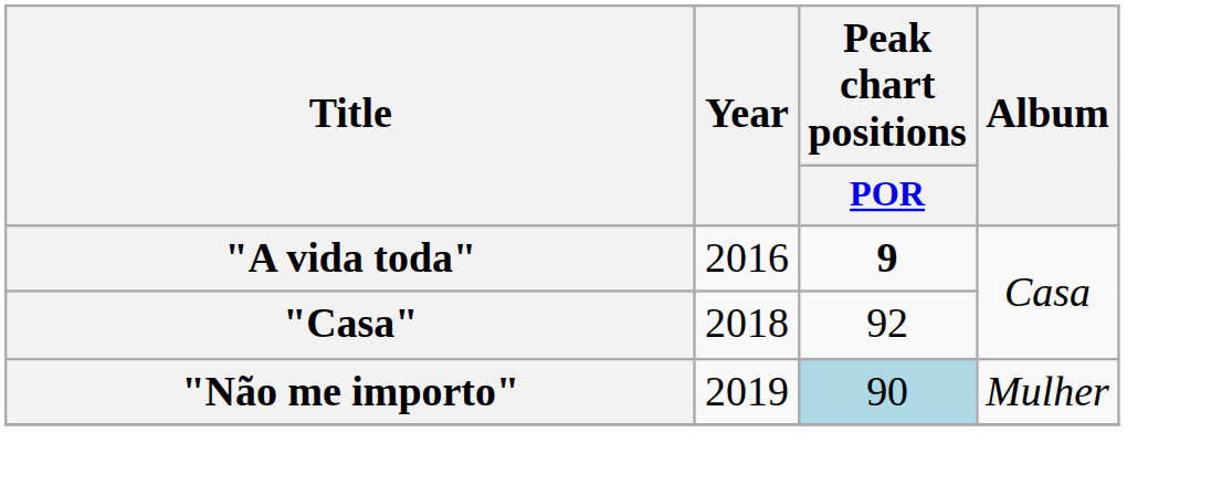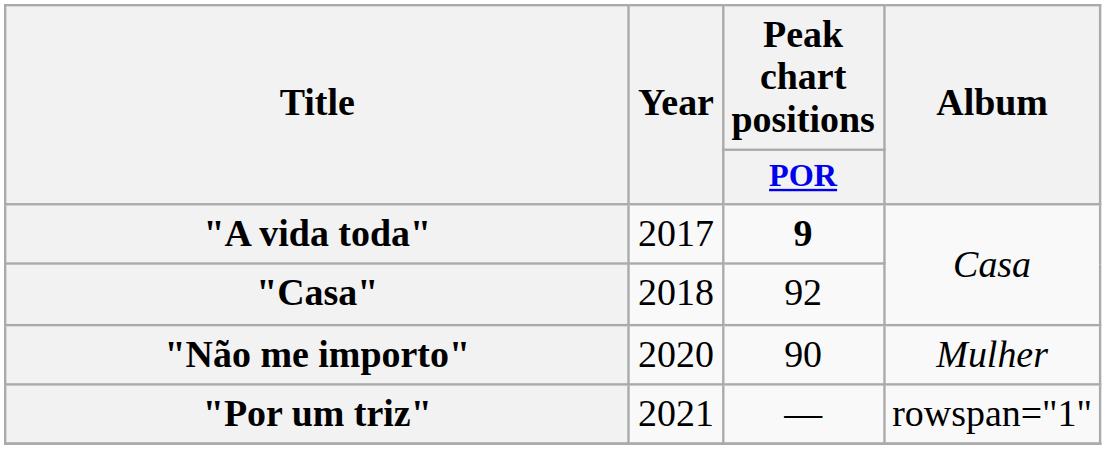 <table class="wikitable plainrowheaders" style="text-align:center;">
 <tr>
 <th scope="col" rowspan="2" style="width:16em;">Title</th>
 <th scope="col" rowspan="2" style="width:1em;">Year</th>
 <th scope="col" colspan="1">Peak chart positions</th>
 <th scope="col" rowspan="2">Album</th>
 </tr>
 <tr>
 <th scope="col" style="width:3em;font-size:85%;"><a href='#'>POR</a><br></th>
 </tr>
 <tr>
 <th scope="row">"A vida toda"</th>
-<td>2016</td>
+<td>2017</td>
 <td><strong>9</strong></td>
 <td rowspan="2"><em>Casa</em></td>
 </tr>
 <tr>
 <th scope="row">"Casa"</th>
 <td>2018</td>
 <td>92</td>
 </tr>
 <tr>
 <th scope="row">"Não me importo"</th>
-<td>2019</td>
-<td style="background: lightblue;">90</td>
+<td>2020</td>
+<td>90</td>
 <td><em>Mulher</em></td>
+</tr>
+<tr>
+<th scope="row">"Por um triz"</th>
+<td>2021</td>
+<td>—</td>
+<td>rowspan="1" </td>
 </tr>
 <tr>
 </tr>
 </table>
